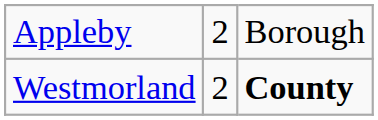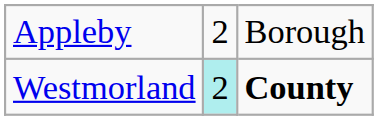 <table class="wikitable sortable">
 <tr>
 <td><a href='#'>Appleby</a></td>
 <td>2</td>
 <td>Borough</td>
 </tr>
 <tr>
 <td><a href='#'>Westmorland</a></td>
-<td>2</td>
+<td style="background: paleturquoise;">2</td>
 <td><strong>County</strong></td>
 </tr>
 </table>
